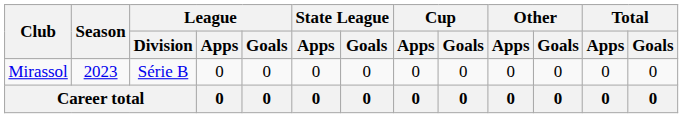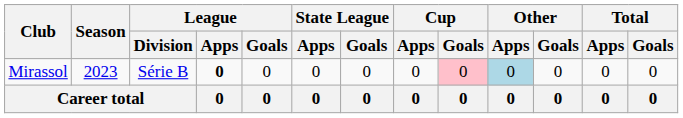 <table class="wikitable" style="text-align: center;">
 <tr>
 <th rowspan=2>Club</th>
 <th rowspan=2>Season</th>
 <th colspan=3>League</th>
 <th colspan=2>State League</th>
 <th colspan=2>Cup</th>
 <th colspan=2>Other</th>
 <th colspan=2>Total</th>
 </tr>
 <tr>
 <th>Division</th>
 <th>Apps</th>
 <th>Goals</th>
 <th>Apps</th>
 <th>Goals</th>
 <th>Apps</th>
 <th>Goals</th>
 <th>Apps</th>
 <th>Goals</th>
 <th>Apps</th>
 <th>Goals</th>
 </tr>
 <tr>
 <td><a href='#'>Mirassol</a></td>
 <td><a href='#'>2023</a></td>
 <td><a href='#'>Série B</a></td>
+<td><strong>0</strong></td>
 <td>0</td>
 <td>0</td>
 <td>0</td>
 <td>0</td>
-<td>0</td>
-<td>0</td>
-<td>0</td>
+<td style="background: pink;">0</td>
+<td style="background: lightblue;">0</td>
 <td>0</td>
 <td>0</td>
 <td>0</td>
 </tr>
 <tr>
 <th colspan=3>Career total</th>
 <th>0</th>
 <th>0</th>
 <th>0</th>
 <th>0</th>
 <th>0</th>
 <th>0</th>
 <th>0</th>
 <th>0</th>
 <th>0</th>
 <th>0</th>
 </tr>
 </table>
